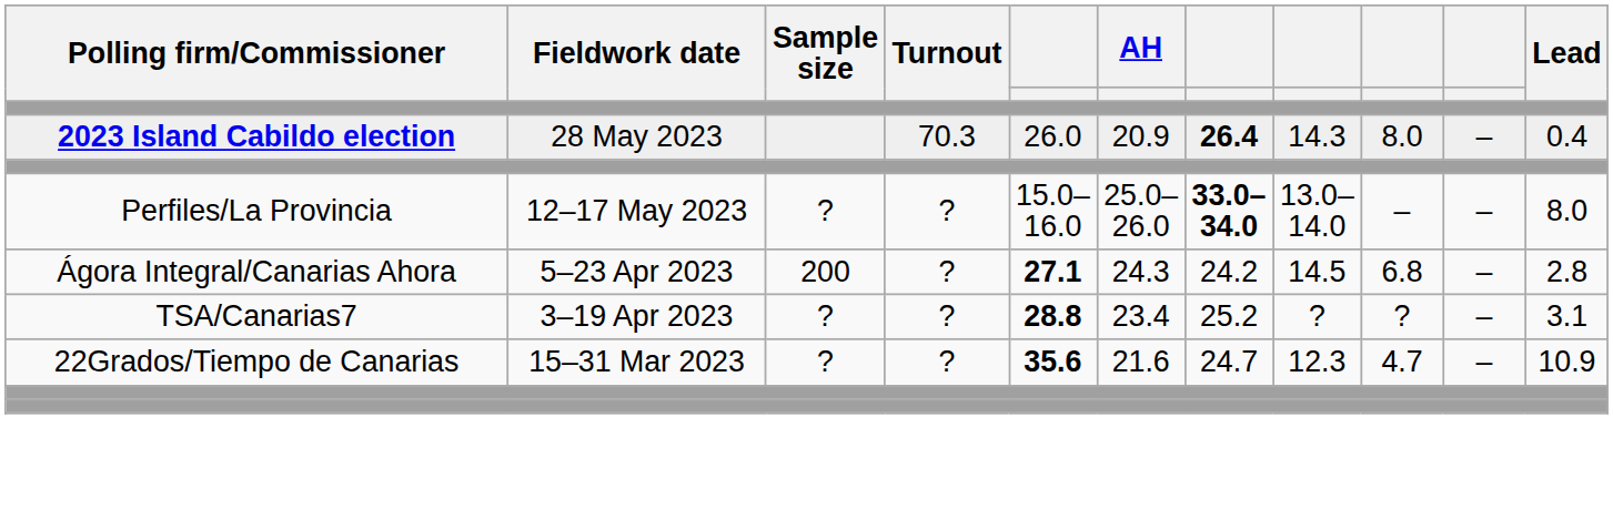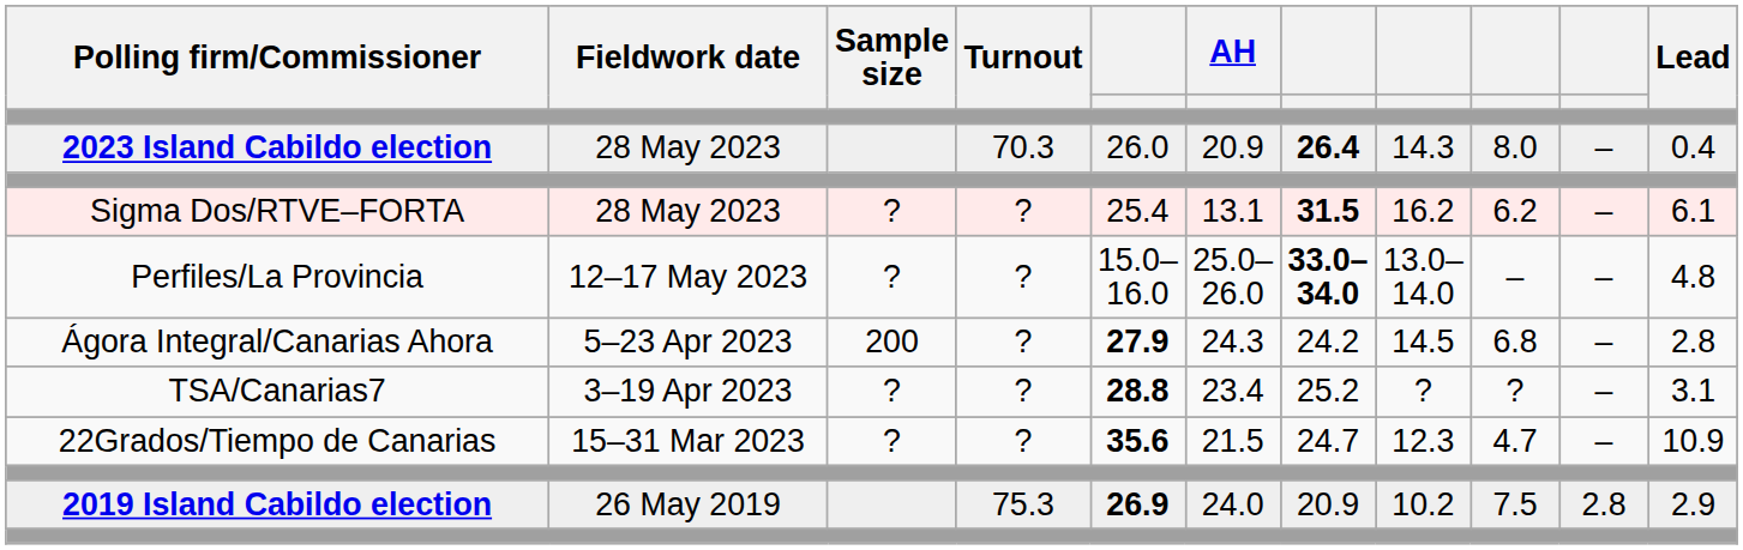 <table class="wikitable collapsible collapsed" style="text-align:center; font-size:95%; line-height:16px;">
 <tr style="height:42px;">
 <th style="width:250px;" rowspan="2">Polling firm/Commissioner</th>
 <th style="width:125px;" rowspan="2">Fieldwork date</th>
 <th style="width:50px;" rowspan="2">Sample size</th>
 <th style="width:45px;" rowspan="2">Turnout</th>
 <th style="width:35px;"></th>
 <th style="width:35px;"><a href='#'>AH</a></th>
 <th style="width:35px;"></th>
 <th style="width:35px;"></th>
 <th style="width:35px;"></th>
 <th style="width:35px;"></th>
 <th style="width:30px;" rowspan="2">Lead</th>
 </tr>
 <tr>
 <th style="color:inherit;background:"></th>
 <th style="color:inherit;background:"></th>
 <th style="color:inherit;background:"></th>
 <th style="color:inherit;background:"></th>
 <th style="color:inherit;background:"></th>
 <th style="color:inherit;background:"></th>
 </tr>
 <tr>
 <td colspan="11" style="background:#A0A0A0"></td>
 </tr>
 <tr style="background:#EFEFEF;">
 <td><strong><a href='#'>2023 Island Cabildo election</a></strong></td>
 <td>28 May 2023</td>
 <td></td>
 <td>70.3</td>
 <td>26.0<br></td>
 <td>20.9<br></td>
 <td><strong>26.4</strong><br></td>
 <td>14.3<br></td>
 <td>8.0<br></td>
 <td>–</td>
 <td style="background:">0.4</td>
 </tr>
 <tr>
 <td colspan="11" style="background:#A0A0A0"></td>
 </tr>
+<tr style="background:#FFEAEA;">
+<td>Sigma Dos/RTVE–FORTA</td>
+<td>28 May 2023</td>
+<td>?</td>
+<td>?</td>
+<td>25.4<br></td>
+<td>13.1<br></td>
+<td><strong>31.5</strong><br></td>
+<td>16.2<br></td>
+<td>6.2<br></td>
+<td>–</td>
+<td style="background:">6.1</td>
+</tr>
 <tr>
 <td>Perfiles/La Provincia</td>
 <td>12–17 May 2023</td>
 <td>?</td>
 <td>?</td>
 <td>15.0–<br>16.0<br></td>
 <td>25.0–<br>26.0<br></td>
 <td><strong>33.0–<br>34.0</strong><br></td>
 <td>13.0–<br>14.0<br></td>
 <td>–</td>
 <td>–</td>
-<td style="background:">8.0</td>
+<td style="background:">4.8</td>
 </tr>
 <tr>
 <td>Ágora Integral/Canarias Ahora</td>
 <td>5–23 Apr 2023</td>
 <td>200</td>
 <td>?</td>
-<td><strong>27.1</strong><br></td>
+<td><strong>27.9</strong><br></td>
 <td>24.3<br></td>
 <td>24.2<br></td>
 <td>14.5<br></td>
 <td>6.8<br></td>
 <td>–</td>
 <td style="background:">2.8</td>
 </tr>
 <tr>
 <td>TSA/Canarias7</td>
 <td>3–19 Apr 2023</td>
 <td>?</td>
 <td>?</td>
 <td><strong>28.8</strong><br></td>
 <td>23.4<br></td>
 <td>25.2<br></td>
 <td>?<br></td>
 <td>?<br></td>
 <td>–</td>
 <td style="background:">3.1</td>
 </tr>
 <tr>
 <td>22Grados/Tiempo de Canarias</td>
 <td>15–31 Mar 2023</td>
 <td>?</td>
 <td>?</td>
 <td><strong>35.6</strong><br></td>
-<td>21.6<br></td>
+<td>21.5<br></td>
 <td>24.7<br></td>
 <td>12.3<br></td>
 <td>4.7<br></td>
 <td>–</td>
 <td style="background:">10.9</td>
 </tr>
 <tr>
 <td colspan="11" style="background:#A0A0A0"></td>
 </tr>
+<tr style="background:#EFEFEF;">
+<td><strong><a href='#'>2019 Island Cabildo election</a></strong></td>
+<td>26 May 2019</td>
+<td></td>
+<td>75.3</td>
+<td><strong>26.9</strong><br></td>
+<td>24.0<br></td>
+<td>20.9<br></td>
+<td>10.2<br></td>
+<td>7.5<br></td>
+<td>2.8<br></td>
+<td style="background:">2.9</td>
+</tr>
 <tr>
 <td colspan="11" style="background:#A0A0A0"></td>
 </tr>
 </table>
